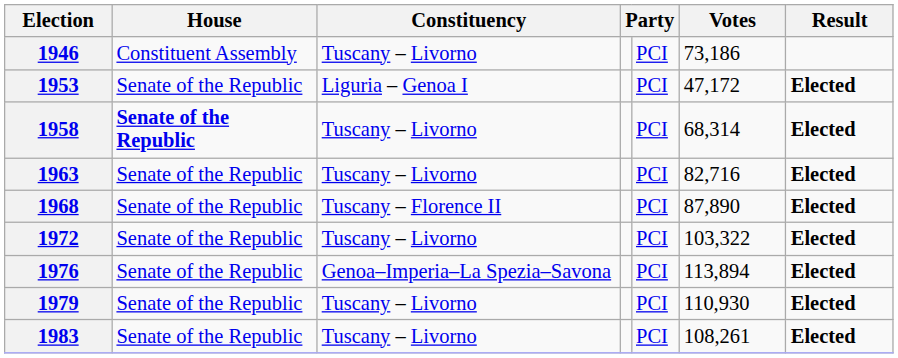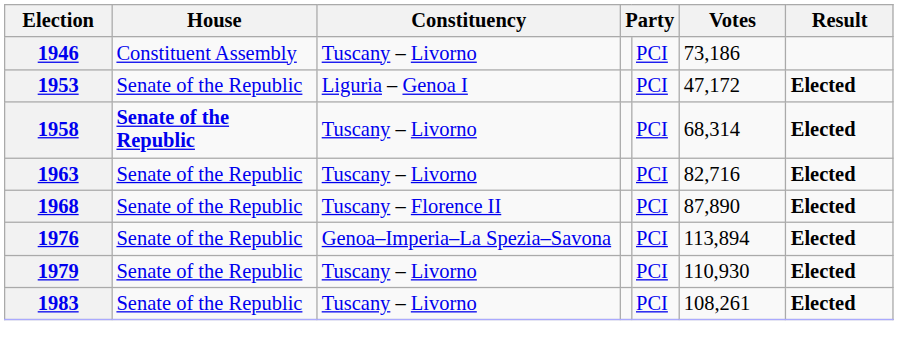 <table class=wikitable style="width:55%; border:1px #AAAAFF solid">
 <tr>
 <th width=12%>Election</th>
 <th width=23%>House</th>
 <th width=34%>Constituency</th>
 <th width=5% colspan="2">Party</th>
 <th width=12%>Votes</th>
 <th width=12%>Result</th>
 </tr>
 <tr>
 <th><a href='#'>1946</a></th>
 <td><a href='#'>Constituent Assembly</a></td>
 <td><a href='#'>Tuscany</a> – <a href='#'>Livorno</a></td>
 <td></td>
 <td><a href='#'>PCI</a></td>
 <td>73,186</td>
 <td></td>
 </tr>
 <tr>
 <th><a href='#'>1953</a></th>
 <td><a href='#'>Senate of the Republic</a></td>
 <td><a href='#'>Liguria</a> – <a href='#'>Genoa I</a></td>
 <td></td>
 <td><a href='#'>PCI</a></td>
 <td>47,172</td>
 <td> <strong>Elected</strong></td>
 </tr>
 <tr>
 <th><a href='#'>1958</a></th>
 <td><strong><a href='#'>Senate of the Republic</a></strong></td>
 <td><a href='#'>Tuscany</a> – <a href='#'>Livorno</a></td>
 <td></td>
 <td><a href='#'>PCI</a></td>
 <td>68,314</td>
 <td> <strong>Elected</strong></td>
 </tr>
 <tr>
 <th><a href='#'>1963</a></th>
 <td><a href='#'>Senate of the Republic</a></td>
 <td><a href='#'>Tuscany</a> – <a href='#'>Livorno</a></td>
 <td></td>
 <td><a href='#'>PCI</a></td>
 <td>82,716</td>
 <td> <strong>Elected</strong></td>
 </tr>
 <tr>
 <th><a href='#'>1968</a></th>
 <td><a href='#'>Senate of the Republic</a></td>
 <td><a href='#'>Tuscany</a> – <a href='#'>Florence II</a></td>
 <td></td>
 <td><a href='#'>PCI</a></td>
 <td>87,890</td>
 <td> <strong>Elected</strong></td>
 </tr>
 <tr>
-<th><a href='#'>1972</a></th>
-<td><a href='#'>Senate of the Republic</a></td>
-<td><a href='#'>Tuscany</a> – <a href='#'>Livorno</a></td>
-<td></td>
-<td><a href='#'>PCI</a></td>
-<td>103,322</td>
-<td> <strong>Elected</strong></td>
-</tr>
-<tr>
 <th><a href='#'>1976</a></th>
 <td><a href='#'>Senate of the Republic</a></td>
 <td><a href='#'>Genoa–Imperia–La Spezia–Savona</a></td>
 <td></td>
 <td><a href='#'>PCI</a></td>
 <td>113,894</td>
 <td> <strong>Elected</strong></td>
 </tr>
 <tr>
 <th><a href='#'>1979</a></th>
 <td><a href='#'>Senate of the Republic</a></td>
 <td><a href='#'>Tuscany</a> – <a href='#'>Livorno</a></td>
 <td></td>
 <td><a href='#'>PCI</a></td>
 <td>110,930</td>
 <td> <strong>Elected</strong></td>
 </tr>
 <tr>
 <th><a href='#'>1983</a></th>
 <td><a href='#'>Senate of the Republic</a></td>
 <td><a href='#'>Tuscany</a> – <a href='#'>Livorno</a></td>
 <td></td>
 <td><a href='#'>PCI</a></td>
 <td>108,261</td>
 <td> <strong>Elected</strong></td>
 </tr>
 <tr>
 </tr>
 </table>
